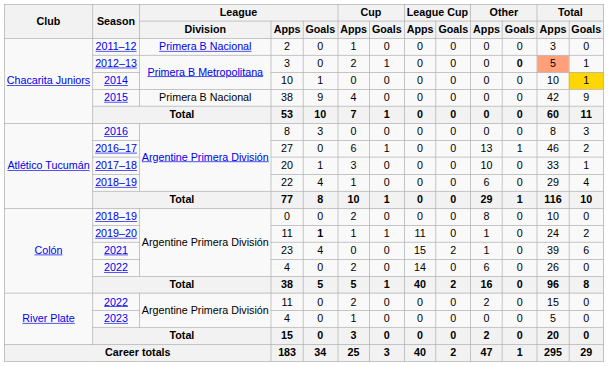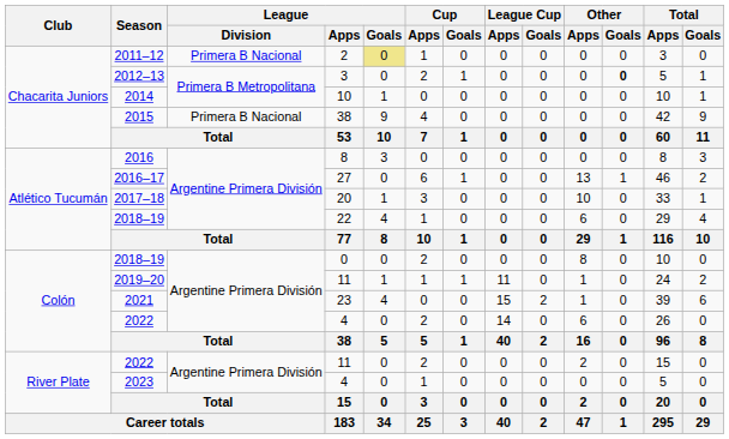 <table class="wikitable" style="text-align:center">
 <tr>
 <th rowspan="2">Club</th>
 <th rowspan="2">Season</th>
 <th colspan="3">League</th>
 <th colspan="2">Cup</th>
 <th colspan="2">League Cup</th>
 <th colspan="2">Other</th>
 <th colspan="2">Total</th>
 </tr>
 <tr>
 <th>Division</th>
 <th>Apps</th>
 <th>Goals</th>
 <th>Apps</th>
 <th>Goals</th>
 <th>Apps</th>
 <th>Goals</th>
 <th>Apps</th>
 <th>Goals</th>
 <th>Apps</th>
 <th>Goals</th>
 </tr>
 <tr>
 <td rowspan="5"><a href='#'>Chacarita Juniors</a></td>
 <td><a href='#'>2011–12</a></td>
 <td><a href='#'>Primera B Nacional</a></td>
 <td>2</td>
-<td>0</td>
+<td style="background: khaki;">0</td>
 <td>1</td>
 <td>0</td>
 <td>0</td>
 <td>0</td>
 <td>0</td>
 <td>0</td>
 <td>3</td>
 <td>0</td>
 </tr>
 <tr>
 <td><a href='#'>2012–13</a></td>
 <td rowspan="2"><a href='#'>Primera B Metropolitana</a></td>
 <td>3</td>
 <td>0</td>
 <td>2</td>
 <td>1</td>
 <td>0</td>
 <td>0</td>
 <td>0</td>
 <td><strong>0</strong></td>
-<td style="background: lightsalmon;">5</td>
+<td>5</td>
 <td>1</td>
 </tr>
 <tr>
 <td><a href='#'>2014</a></td>
 <td>10</td>
 <td>1</td>
 <td>0</td>
 <td>0</td>
 <td>0</td>
 <td>0</td>
 <td>0</td>
 <td>0</td>
 <td>10</td>
-<td style="background: gold;">1</td>
+<td>1</td>
 </tr>
 <tr>
 <td><a href='#'>2015</a></td>
 <td>Primera B Nacional</td>
 <td>38</td>
 <td>9</td>
 <td>4</td>
 <td>0</td>
 <td>0</td>
 <td>0</td>
 <td>0</td>
 <td>0</td>
 <td>42</td>
 <td>9</td>
 </tr>
 <tr>
 <th colspan="2">Total</th>
 <th>53</th>
 <th>10</th>
 <th>7</th>
 <th>1</th>
 <th>0</th>
 <th>0</th>
 <th>0</th>
 <th>0</th>
 <th>60</th>
 <th>11</th>
 </tr>
 <tr>
 <td rowspan="5"><a href='#'>Atlético Tucumán</a></td>
 <td><a href='#'>2016</a></td>
 <td rowspan="4"><a href='#'>Argentine Primera División</a></td>
 <td>8</td>
 <td>3</td>
 <td>0</td>
 <td>0</td>
 <td>0</td>
 <td>0</td>
 <td>0</td>
 <td>0</td>
 <td>8</td>
 <td>3</td>
 </tr>
 <tr>
 <td><a href='#'>2016–17</a></td>
 <td>27</td>
 <td>0</td>
 <td>6</td>
 <td>1</td>
 <td>0</td>
 <td>0</td>
 <td>13</td>
 <td>1</td>
 <td>46</td>
 <td>2</td>
 </tr>
 <tr>
 <td><a href='#'>2017–18</a></td>
 <td>20</td>
 <td>1</td>
 <td>3</td>
 <td>0</td>
 <td>0</td>
 <td>0</td>
 <td>10</td>
 <td>0</td>
 <td>33</td>
 <td>1</td>
 </tr>
 <tr>
 <td><a href='#'>2018–19</a></td>
 <td>22</td>
 <td>4</td>
 <td>1</td>
 <td>0</td>
 <td>0</td>
 <td>0</td>
 <td>6</td>
 <td>0</td>
 <td>29</td>
 <td>4</td>
 </tr>
 <tr>
 <th colspan="2">Total</th>
 <th>77</th>
 <th>8</th>
 <th>10</th>
 <th>1</th>
 <th>0</th>
 <th>0</th>
 <th>29</th>
 <th>1</th>
 <th>116</th>
 <th>10</th>
 </tr>
 <tr>
 <td rowspan="5"><a href='#'>Colón</a></td>
 <td><a href='#'>2018–19</a></td>
 <td rowspan="4">Argentine Primera División</td>
 <td>0</td>
 <td>0</td>
 <td>2</td>
 <td>0</td>
 <td>0</td>
 <td>0</td>
 <td>8</td>
 <td>0</td>
 <td>10</td>
 <td>0</td>
 </tr>
 <tr>
 <td><a href='#'>2019–20</a></td>
 <td>11</td>
-<td><strong>1</strong></td>
+<td>1</td>
 <td>1</td>
 <td>1</td>
 <td>11</td>
 <td>0</td>
 <td>1</td>
 <td>0</td>
 <td>24</td>
 <td>2</td>
 </tr>
 <tr>
 <td><a href='#'>2021</a></td>
 <td>23</td>
 <td>4</td>
 <td>0</td>
 <td>0</td>
 <td>15</td>
 <td>2</td>
 <td>1</td>
 <td>0</td>
 <td>39</td>
 <td>6</td>
 </tr>
 <tr>
 <td><a href='#'>2022</a></td>
 <td>4</td>
 <td>0</td>
 <td>2</td>
 <td>0</td>
 <td>14</td>
 <td>0</td>
 <td>6</td>
 <td>0</td>
 <td>26</td>
 <td>0</td>
 </tr>
 <tr>
 <th colspan="2">Total</th>
 <th>38</th>
 <th>5</th>
 <th>5</th>
 <th>1</th>
 <th>40</th>
 <th>2</th>
 <th>16</th>
 <th>0</th>
 <th>96</th>
 <th>8</th>
 </tr>
 <tr>
 <td rowspan="3"><a href='#'>River Plate</a></td>
 <td><a href='#'>2022</a></td>
 <td rowspan="2">Argentine Primera División</td>
 <td>11</td>
 <td>0</td>
 <td>2</td>
 <td>0</td>
 <td>0</td>
 <td>0</td>
 <td>2</td>
 <td>0</td>
 <td>15</td>
 <td>0</td>
 </tr>
 <tr>
 <td><a href='#'>2023</a></td>
 <td>4</td>
 <td>0</td>
 <td>1</td>
 <td>0</td>
 <td>0</td>
 <td>0</td>
 <td>0</td>
 <td>0</td>
 <td>5</td>
 <td>0</td>
 </tr>
 <tr>
 <th colspan="2">Total</th>
 <th>15</th>
 <th>0</th>
 <th>3</th>
 <th>0</th>
 <th>0</th>
 <th>0</th>
 <th>2</th>
 <th>0</th>
 <th>20</th>
 <th>0</th>
 </tr>
 <tr>
 <th colspan=3>Career totals</th>
 <th>183</th>
 <th>34</th>
 <th>25</th>
 <th>3</th>
 <th>40</th>
 <th>2</th>
 <th>47</th>
 <th>1</th>
 <th>295</th>
 <th>29</th>
 </tr>
 </table>
